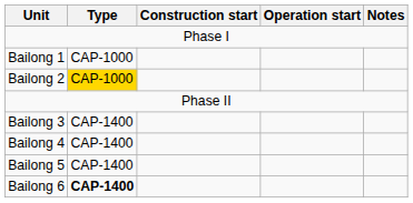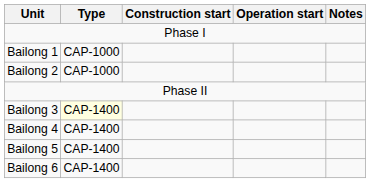 <table class="wikitable">
 <tr>
 <th>Unit</th>
 <th>Type</th>
 <th>Construction start</th>
 <th>Operation start</th>
 <th>Notes</th>
 </tr>
 <tr>
 <td colspan="5" align="center">Phase I</td>
 </tr>
 <tr>
 <td>Bailong 1</td>
 <td>CAP-1000</td>
 <td></td>
 <td></td>
 <td></td>
 </tr>
 <tr>
 <td>Bailong 2</td>
-<td style="background: gold;">CAP-1000</td>
+<td>CAP-1000</td>
 <td></td>
 <td></td>
 <td></td>
 </tr>
 <tr>
 <td colspan="5" align="center">Phase II</td>
 </tr>
 <tr>
 <td>Bailong 3</td>
-<td>CAP-1400</td>
+<td style="background: lightyellow;">CAP-1400</td>
 <td></td>
 <td></td>
 <td></td>
 </tr>
 <tr>
 <td>Bailong 4</td>
 <td>CAP-1400</td>
 <td></td>
 <td></td>
 <td></td>
 </tr>
 <tr>
 <td>Bailong 5</td>
 <td>CAP-1400</td>
 <td></td>
 <td></td>
 <td></td>
 </tr>
 <tr>
 <td>Bailong 6</td>
-<td><strong>CAP-1400</strong></td>
+<td>CAP-1400</td>
 <td></td>
 <td></td>
 <td></td>
 </tr>
 </table>
